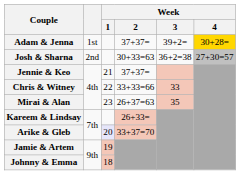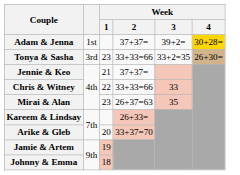 <table class="wikitable sortable" style="text-align:center; font-size:95%">
 <tr>
 <th scope="col" rowspan="2" style="text-align:center;">Couple</th>
 <th scope="col" rowspan="2" style="text-align:center;"></th>
 <th colspan="4" style="text-align:center;">Week</th>
 </tr>
 <tr>
 <th scope="col">1</th>
 <th scope="col" style="font-weight:normal"><strong>2</strong></th>
 <th scope="col" style="font-weight:normal"><strong>3</strong></th>
 <th scope="col">4</th>
 </tr>
 <tr>
 <th scope="row">Adam & Jenna</th>
 <td>1st</td>
 <td></td>
 <td>37+37=</td>
 <td>39+2=</td>
 <td bgcolor=gold >30+28=</td>
 </tr>
 <tr>
-<th scope="row">Josh & Sharna</th>
-<td>2nd</td>
-<td></td>
-<td>30+33=63</td>
-<td>36+2=38</td>
-<td bgcolor=silver >27+30=57</td>
+<th scope="row">Tonya & Sasha</th>
+<td>3rd</td>
+<td>23</td>
+<td>33+33=66</td>
+<td>33+2=35</td>
+<td bgcolor=tan >26+30=</td>
 </tr>
 <tr>
 <th scope="row">Jennie & Keo</th>
 <td rowspan="3">4th</td>
 <td>21</td>
 <td>37+37=</td>
 <td bgcolor=f4c7b8></td>
 <td rowspan="7" style="background:darkgrey;"></td>
 </tr>
 <tr>
 <th scope="row">Chris & Witney</th>
 <td>22</td>
 <td>33+33=66</td>
 <td bgcolor=f4c7b8>33</td>
 </tr>
 <tr>
 <th scope="row">Mirai & Alan</th>
 <td>23</td>
 <td>26+37=63</td>
 <td bgcolor=f4c7b8>35</td>
 </tr>
 <tr>
 <th scope="row">Kareem & Lindsay</th>
 <td rowspan="2">7th</td>
 <td></td>
 <td bgcolor=f4c7b8 >26+33=</td>
 <td rowspan="4" style="background:darkgrey;"></td>
 </tr>
 <tr>
 <th scope="row">Arike & Gleb</th>
-<td style="background: lavender;">20</td>
+<td>20</td>
 <td bgcolor=f4c7b8 >33+37=70</td>
 </tr>
 <tr>
 <th scope="row">Jamie & Artem</th>
 <td rowspan=2>9th</td>
 <td bgcolor=f4c7b8>19</td>
 <td rowspan="2" style="background:darkgrey;"></td>
 </tr>
 <tr>
 <th scope="row">Johnny & Emma</th>
 <td bgcolor=f4c7b8>18</td>
 </tr>
 </table>
